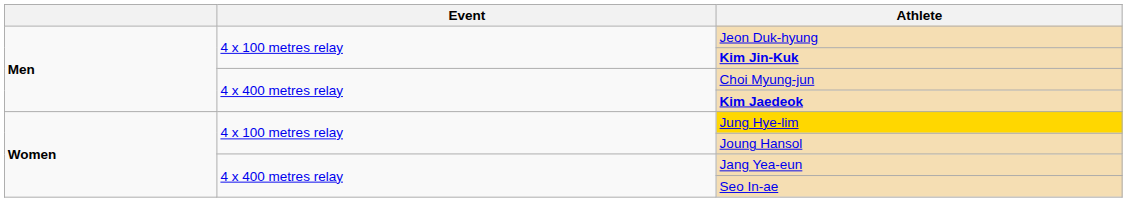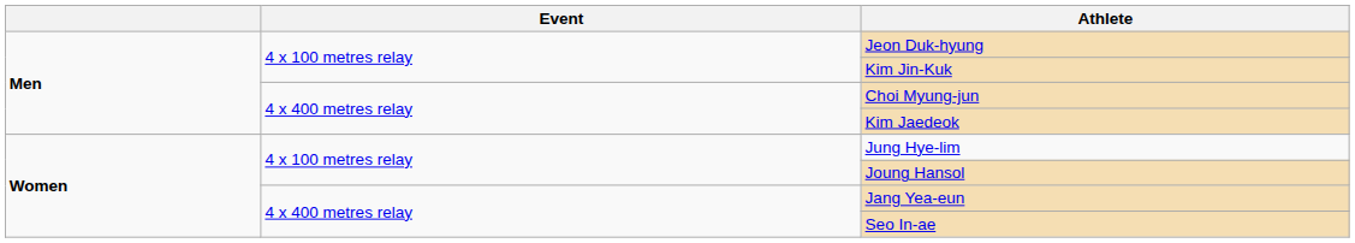 <table class=wikitable style="font-size:90%" width=60%>
 <tr>
 <th></th>
 <th>Event</th>
 <th>Athlete</th>
 </tr>
 <tr>
 <td rowspan=4><strong>Men</strong></td>
 <td rowspan=2><a href='#'>4 x 100 metres relay</a></td>
 <td bgcolor="wheat"><a href='#'>Jeon Duk-hyung</a></td>
 </tr>
 <tr>
-<td bgcolor="wheat"><strong><a href='#'>Kim Jin-Kuk</a></strong></td>
+<td bgcolor="wheat"><a href='#'>Kim Jin-Kuk</a></td>
 </tr>
 <tr>
 <td rowspan=2><a href='#'>4 x 400 metres relay</a></td>
 <td bgcolor="wheat"><a href='#'>Choi Myung-jun</a></td>
 </tr>
 <tr>
-<td bgcolor="wheat"><strong><a href='#'>Kim Jaedeok</a></strong></td>
+<td bgcolor="wheat"><a href='#'>Kim Jaedeok</a></td>
 </tr>
 <tr>
 <td rowspan=4><strong>Women</strong></td>
 <td rowspan=2><a href='#'>4 x 100 metres relay</a></td>
-<td style="background: gold;"><a href='#'>Jung Hye-lim</a></td>
+<td><a href='#'>Jung Hye-lim</a></td>
 </tr>
 <tr>
 <td bgcolor="wheat"><a href='#'>Joung Hansol</a></td>
 </tr>
 <tr>
 <td rowspan=2><a href='#'>4 x 400 metres relay</a></td>
 <td bgcolor="wheat"><a href='#'>Jang Yea-eun</a></td>
 </tr>
 <tr>
 <td bgcolor="wheat"><a href='#'>Seo In-ae</a></td>
 </tr>
 </table>
